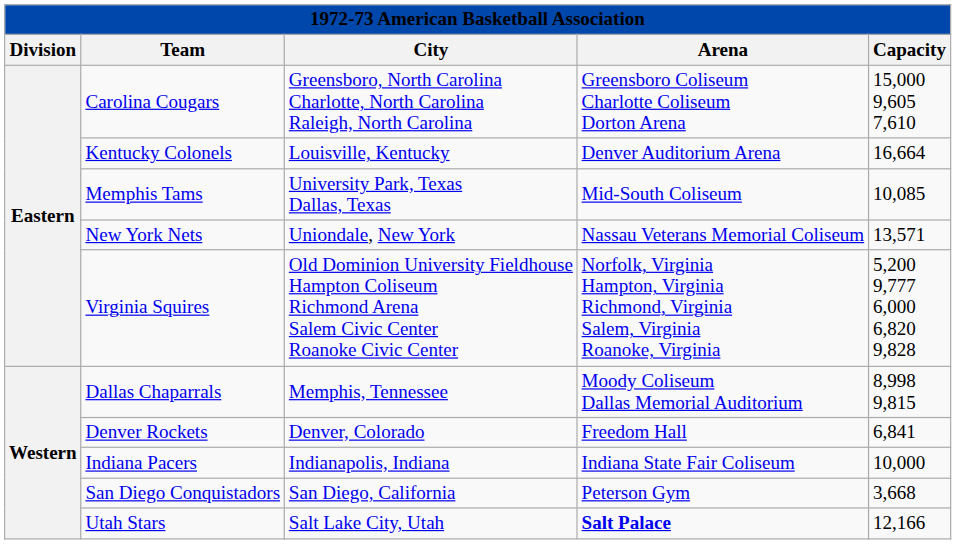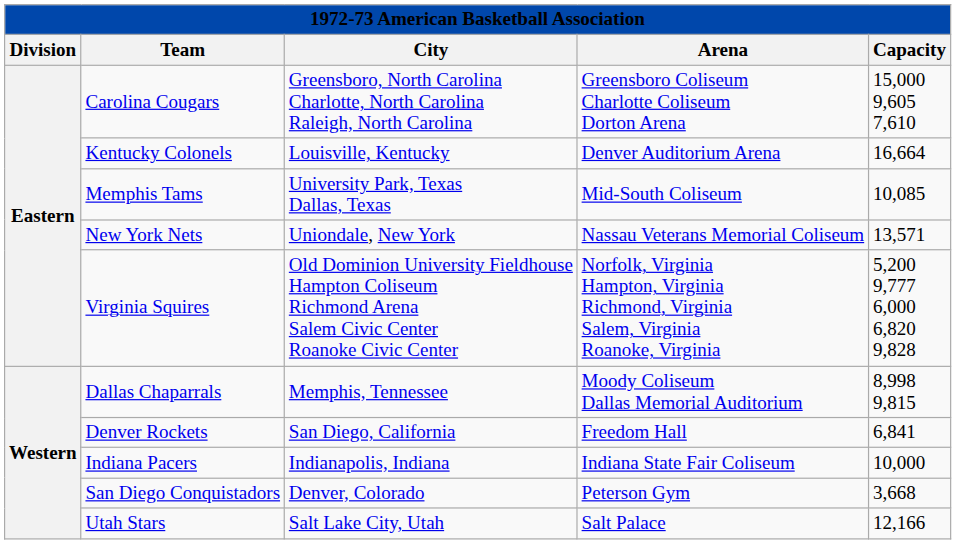 <table class="wikitable" style="width:auto">
 <tr>
 <td bgcolor="#0047AB" align="center" colspan="5"><strong><span>1972-73 American Basketball Association</span></strong></td>
 </tr>
 <tr>
 <th>Division</th>
 <th>Team</th>
 <th>City</th>
 <th>Arena</th>
 <th>Capacity</th>
 </tr>
 <tr>
 <th rowspan="5">Eastern</th>
 <td><a href='#'>Carolina Cougars</a></td>
 <td><a href='#'>Greensboro, North Carolina</a> <br> <a href='#'>Charlotte, North Carolina</a> <br> <a href='#'>Raleigh, North Carolina</a></td>
 <td><a href='#'>Greensboro Coliseum</a> <br> <a href='#'>Charlotte Coliseum</a> <br> <a href='#'>Dorton Arena</a></td>
 <td>15,000 <br> 9,605 <br> 7,610</td>
 </tr>
 <tr>
 <td><a href='#'>Kentucky Colonels</a></td>
 <td><a href='#'>Louisville, Kentucky</a></td>
 <td><a href='#'>Denver Auditorium Arena</a></td>
 <td>16,664</td>
 </tr>
 <tr>
 <td><a href='#'>Memphis Tams</a></td>
 <td><a href='#'>University Park, Texas</a> <br> <a href='#'>Dallas, Texas</a></td>
 <td><a href='#'>Mid-South Coliseum</a></td>
 <td>10,085</td>
 </tr>
 <tr>
 <td><a href='#'>New York Nets</a></td>
 <td><a href='#'>Uniondale</a>, <a href='#'>New York</a></td>
 <td><a href='#'>Nassau Veterans Memorial Coliseum</a></td>
 <td>13,571</td>
 </tr>
 <tr>
 <td><a href='#'>Virginia Squires</a></td>
 <td><a href='#'>Old Dominion University Fieldhouse</a> <br> <a href='#'>Hampton Coliseum</a> <br> <a href='#'>Richmond Arena</a> <br> <a href='#'>Salem Civic Center</a> <br> <a href='#'>Roanoke Civic Center</a></td>
 <td><a href='#'>Norfolk, Virginia</a> <br> <a href='#'>Hampton, Virginia</a> <br> <a href='#'>Richmond, Virginia</a> <br> <a href='#'>Salem, Virginia</a> <br> <a href='#'>Roanoke, Virginia</a></td>
 <td>5,200 <br> 9,777 <br> 6,000 <br> 6,820 <br> 9,828</td>
 </tr>
 <tr>
 <th rowspan="6">Western</th>
 <td><a href='#'>Dallas Chaparrals</a></td>
 <td><a href='#'>Memphis, Tennessee</a></td>
 <td><a href='#'>Moody Coliseum</a> <br> <a href='#'>Dallas Memorial Auditorium</a></td>
 <td>8,998 <br> 9,815</td>
 </tr>
 <tr>
 <td><a href='#'>Denver Rockets</a></td>
-<td><a href='#'>Denver, Colorado</a></td>
+<td><a href='#'>San Diego, California</a></td>
 <td><a href='#'>Freedom Hall</a></td>
 <td>6,841</td>
 </tr>
 <tr>
 <td><a href='#'>Indiana Pacers</a></td>
 <td><a href='#'>Indianapolis, Indiana</a></td>
 <td><a href='#'>Indiana State Fair Coliseum</a></td>
 <td>10,000</td>
 </tr>
 <tr>
 <td><a href='#'>San Diego Conquistadors</a></td>
-<td><a href='#'>San Diego, California</a></td>
+<td><a href='#'>Denver, Colorado</a></td>
 <td><a href='#'>Peterson Gym</a></td>
 <td>3,668</td>
 </tr>
 <tr>
 <td><a href='#'>Utah Stars</a></td>
 <td><a href='#'>Salt Lake City, Utah</a></td>
-<td><strong><a href='#'>Salt Palace</a></strong></td>
+<td><a href='#'>Salt Palace</a></td>
 <td>12,166</td>
 </tr>
 </table>
